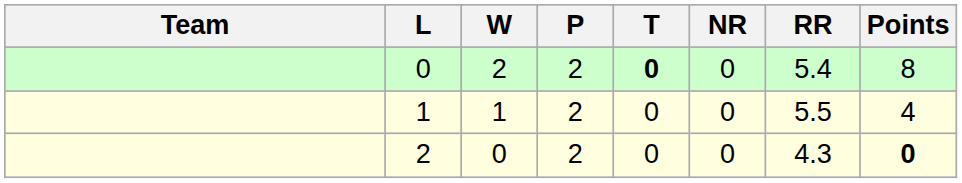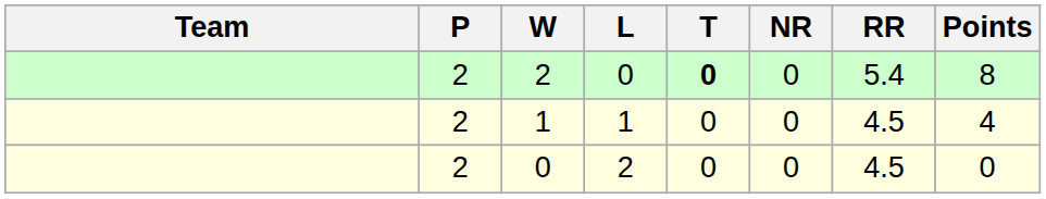 <table class="wikitable" style="text-align: center;">
 <tr>
 <th style="width:40%;">Team</th>
+<th style="width:8%;">P</th>
+<th style="width:8%;">W</th>
 <th style="width:8%;">L</th>
-<th style="width:8%;">W</th>
-<th style="width:8%;">P</th>
 <th style="width:8%;">T</th>
 <th style="width:8%;">NR</th>
 <th style="width:10%;">RR</th>
 <th style="width:10%;">Points</th>
 </tr>
 <tr style="background:#cfc;">
 <td align=left></td>
-<td>0</td>
 <td>2</td>
 <td>2</td>
+<td>0</td>
 <td><strong>0</strong></td>
 <td>0</td>
 <td>5.4</td>
 <td>8</td>
 </tr>
 <tr style="background:#ffffe0;">
 <td align=left></td>
+<td>2</td>
 <td>1</td>
 <td>1</td>
-<td>2</td>
 <td>0</td>
 <td>0</td>
-<td>5.5</td>
+<td>4.5</td>
 <td>4</td>
 </tr>
 <tr style="background:#ffffe0;">
 <td align=left></td>
 <td>2</td>
 <td>0</td>
 <td>2</td>
 <td>0</td>
 <td>0</td>
-<td>4.3</td>
-<td><strong>0</strong></td>
+<td>4.5</td>
+<td>0</td>
 </tr>
 </table>
